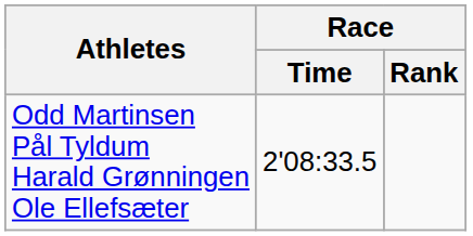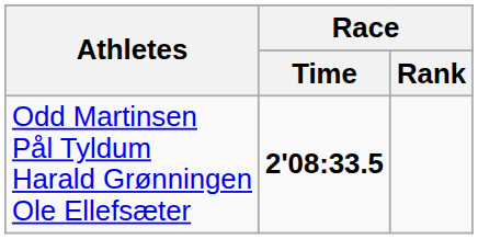 <table class="wikitable" border="1" style="font-size:90%">
 <tr>
 <th rowspan=2>Athletes</th>
 <th colspan=2>Race</th>
 </tr>
 <tr>
 <th>Time</th>
 <th>Rank</th>
 </tr>
 <tr>
 <td><a href='#'>Odd Martinsen</a><br><a href='#'>Pål Tyldum</a><br><a href='#'>Harald Grønningen</a><br><a href='#'>Ole Ellefsæter</a></td>
-<td align=center>2'08:33.5</td>
+<td align=center><strong>2'08:33.5</strong></td>
 <td align=center></td>
 </tr>
 </table>
